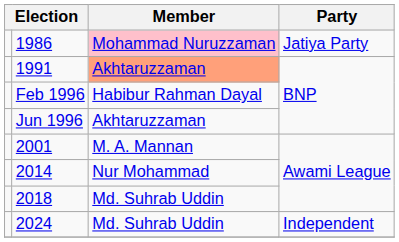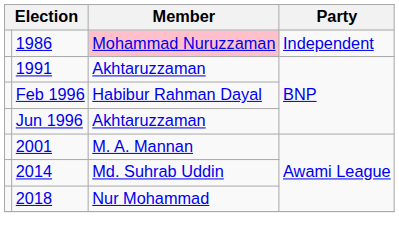 <table class="wikitable">
 <tr>
 <th colspan="2">Election</th>
 <th>Member</th>
 <th>Party</th>
 </tr>
 <tr>
 <td style="background-color:"></td>
 <td><a href='#'>1986</a></td>
 <td style="background: pink;"><a href='#'>Mohammad Nuruzzaman</a></td>
-<td><a href='#'>Jatiya Party</a></td>
+<td><a href='#'>Independent</a></td>
 </tr>
 <tr>
 <td style="background-color:"></td>
 <td><a href='#'>1991</a></td>
-<td style="background: lightsalmon;"><a href='#'>Akhtaruzzaman</a></td>
+<td><a href='#'>Akhtaruzzaman</a></td>
 <td rowspan="3"><a href='#'>BNP</a></td>
 </tr>
 <tr>
 <td style="background-color:"></td>
 <td><a href='#'>Feb 1996</a></td>
 <td><a href='#'>Habibur Rahman Dayal</a></td>
 </tr>
 <tr>
 <td style="background-color:"></td>
 <td><a href='#'>Jun 1996</a></td>
 <td><a href='#'>Akhtaruzzaman</a></td>
 </tr>
 <tr>
 <td style="background-color:"></td>
 <td><a href='#'>2001</a></td>
 <td><a href='#'>M. A. Mannan</a></td>
 <td rowspan="3"><a href='#'>Awami League</a></td>
 </tr>
 <tr>
 <td style="background-color:"></td>
 <td><a href='#'>2014</a></td>
-<td><a href='#'>Nur Mohammad</a></td>
+<td><a href='#'>Md. Suhrab Uddin</a></td>
 </tr>
 <tr>
 <td style="background-color:"></td>
 <td><a href='#'>2018</a></td>
-<td><a href='#'>Md. Suhrab Uddin</a></td>
-</tr>
-<tr>
-<td style="background-color:"></td>
-<td><a href='#'>2024</a></td>
-<td><a href='#'>Md. Suhrab Uddin</a></td>
-<td><a href='#'>Independent</a></td>
+<td><a href='#'>Nur Mohammad</a></td>
 </tr>
 <tr>
 </tr>
 </table>
